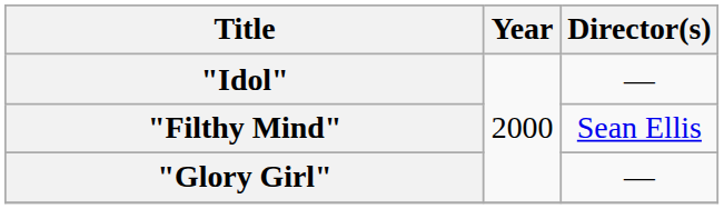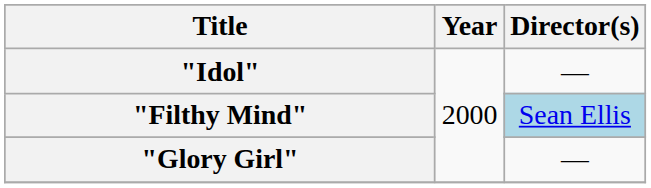 <table class="wikitable plainrowheaders" style="text-align:center;">
 <tr>
 <th scope="col" style="width:15em;">Title</th>
 <th scope="col">Year</th>
 <th scope="col">Director(s)</th>
 </tr>
 <tr>
 <th scope="row">"Idol"</th>
 <td rowspan="3">2000</td>
 <td>—</td>
 </tr>
 <tr>
 <th scope="row">"Filthy Mind"</th>
-<td><a href='#'>Sean Ellis</a></td>
+<td style="background: lightblue;"><a href='#'>Sean Ellis</a></td>
 </tr>
 <tr>
 <th scope="row">"Glory Girl"</th>
 <td>—</td>
 </tr>
 <tr>
 </tr>
 </table>
